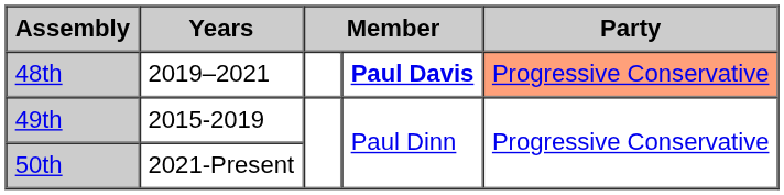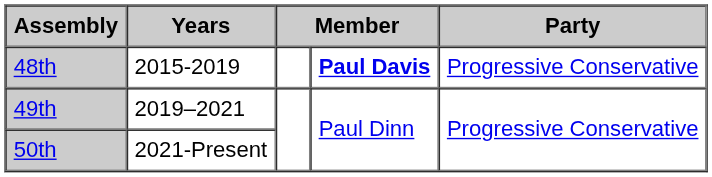 <table border=1 cellpadding=5 cellspacing=0>
 <tr bgcolor="CCCCCC">
 <th>Assembly</th>
 <th>Years</th>
 <th colspan="2">Member</th>
 <th>Party</th>
 </tr>
 <tr>
 <td bgcolor="CCCCCC"><a href='#'>48th</a></td>
-<td>2019–2021</td>
+<td>2015-2019</td>
 <td>   </td>
 <td><strong><a href='#'>Paul Davis</a></strong></td>
-<td style="background: lightsalmon;"><a href='#'>Progressive Conservative</a></td>
+<td><a href='#'>Progressive Conservative</a></td>
 </tr>
 <tr>
 <td bgcolor="CCCCCC"><a href='#'>49th</a></td>
-<td>2015-2019</td>
+<td>2019–2021</td>
 <td rowspan="2" >   </td>
 <td rowspan="2"><a href='#'>Paul Dinn</a></td>
 <td rowspan="2"><a href='#'>Progressive Conservative</a></td>
 </tr>
 <tr>
 <td bgcolor="CCCCCC"><a href='#'>50th</a></td>
 <td>2021-Present</td>
 </tr>
 </table>
